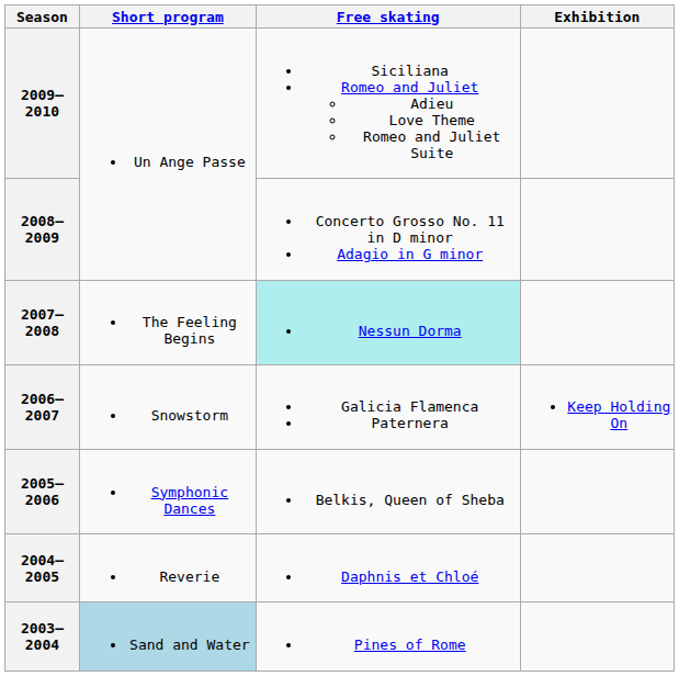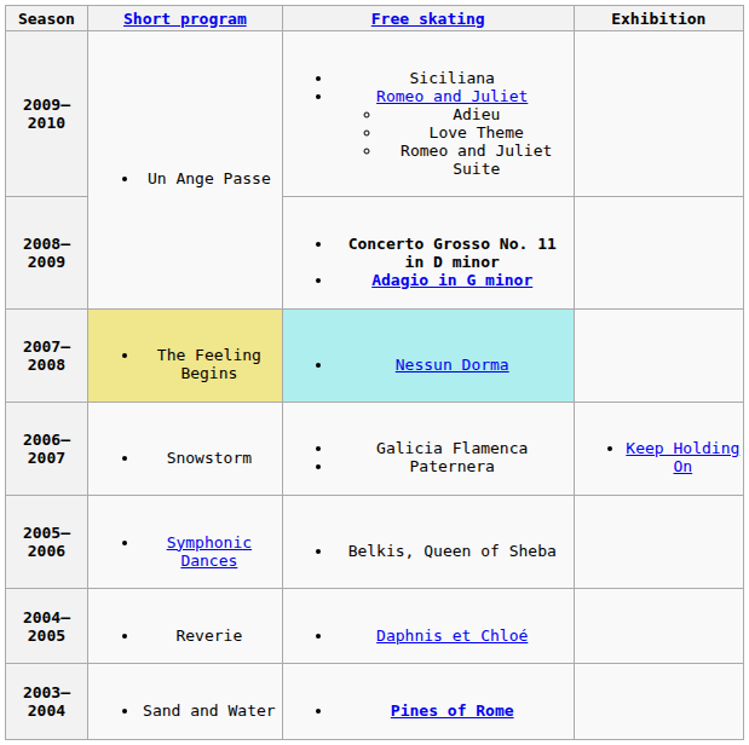 <table class="wikitable" style="text-align:center">
 <tr>
 <th>Season</th>
 <th><a href='#'>Short program</a></th>
 <th><a href='#'>Free skating</a></th>
 <th>Exhibition</th>
 </tr>
 <tr>
 <th>2009–2010 <br></th>
 <td rowspan=2><br><ul><li>Un Ange Passe <br></li></ul></td>
 <td><br><ul><li>Siciliana <br></li><li><a href='#'>Romeo and Juliet</a> <br><ul><li>Adieu</li><li>Love Theme</li><li>Romeo and Juliet Suite</li></ul></li></ul></td>
 <td></td>
 </tr>
 <tr>
 <th>2008–2009 <br></th>
-<td><br><ul><li>Concerto Grosso No. 11 in D minor <br></li><li><a href='#'>Adagio in G minor</a> <br></li></ul></td>
+<td><strong><br><ul><li>Concerto Grosso No. 11 in D minor <br></li><li><a href='#'>Adagio in G minor</a> <br></li></ul></strong></td>
 <td></td>
 </tr>
 <tr>
 <th>2007–2008 <br></th>
-<td><br><ul><li>The Feeling Begins <br></li></ul></td>
+<td style="background: khaki;"><br><ul><li>The Feeling Begins <br></li></ul></td>
 <td style="background: paleturquoise;"><br><ul><li><a href='#'>Nessun Dorma</a> <br></li></ul></td>
 <td></td>
 </tr>
 <tr>
 <th>2006–2007 <br></th>
 <td><br><ul><li>Snowstorm <br></li></ul></td>
 <td><br><ul><li>Galicia Flamenca</li><li>Paternera <br></li></ul></td>
 <td><br><ul><li><a href='#'>Keep Holding On</a> <br></li></ul></td>
 </tr>
 <tr>
 <th>2005–2006 <br></th>
 <td><br><ul><li><a href='#'>Symphonic Dances</a> <br></li></ul></td>
 <td><br><ul><li>Belkis, Queen of Sheba <br></li></ul></td>
 <td></td>
 </tr>
 <tr>
 <th>2004–2005 <br></th>
 <td><br><ul><li>Reverie <br></li></ul></td>
 <td><br><ul><li><a href='#'>Daphnis et Chloé</a> <br></li></ul></td>
 <td></td>
 </tr>
 <tr>
 <th>2003–2004 <br></th>
-<td style="background: lightblue;"><br><ul><li>Sand and Water</li></ul></td>
-<td><br><ul><li><a href='#'>Pines of Rome</a> <br></li></ul></td>
+<td><br><ul><li>Sand and Water</li></ul></td>
+<td><strong><br><ul><li><a href='#'>Pines of Rome</a> <br></li></ul></strong></td>
 <td></td>
 </tr>
 </table>
